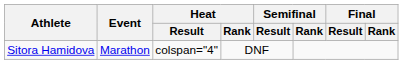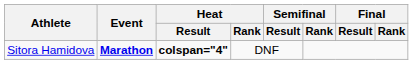 <table class="wikitable" style="font-size:90%">
 <tr>
 <th rowspan="2">Athlete</th>
 <th rowspan="2">Event</th>
 <th colspan="2">Heat</th>
 <th colspan="2">Semifinal</th>
 <th colspan="2">Final</th>
 </tr>
 <tr style="font-size:95%">
 <th>Result</th>
 <th>Rank</th>
 <th>Result</th>
 <th>Rank</th>
 <th>Result</th>
 <th>Rank</th>
 </tr>
 <tr style=text-align:center>
 <td style=text-align:left><a href='#'>Sitora Hamidova</a></td>
-<td style=text-align:left><a href='#'>Marathon</a></td>
-<td>colspan="4" </td>
+<td style=text-align:left><strong><a href='#'>Marathon</a></strong></td>
+<td><strong>colspan="4" </strong></td>
 <td colspan="2">DNF</td>
 </tr>
 </table>
